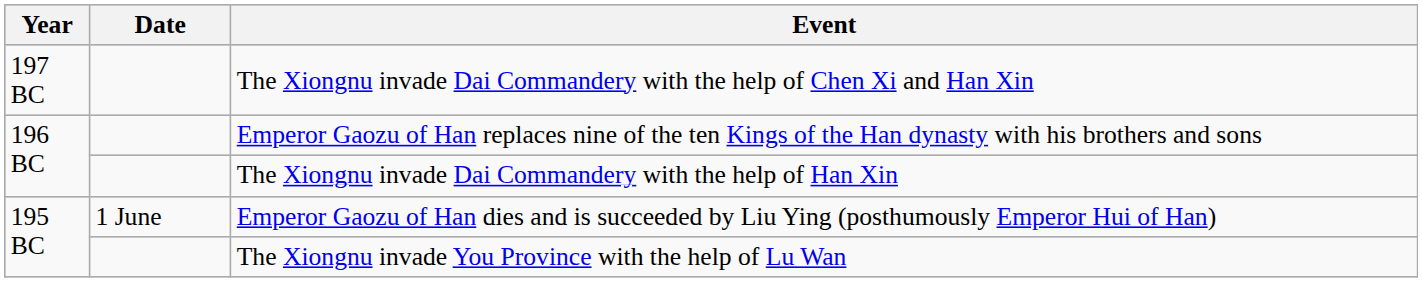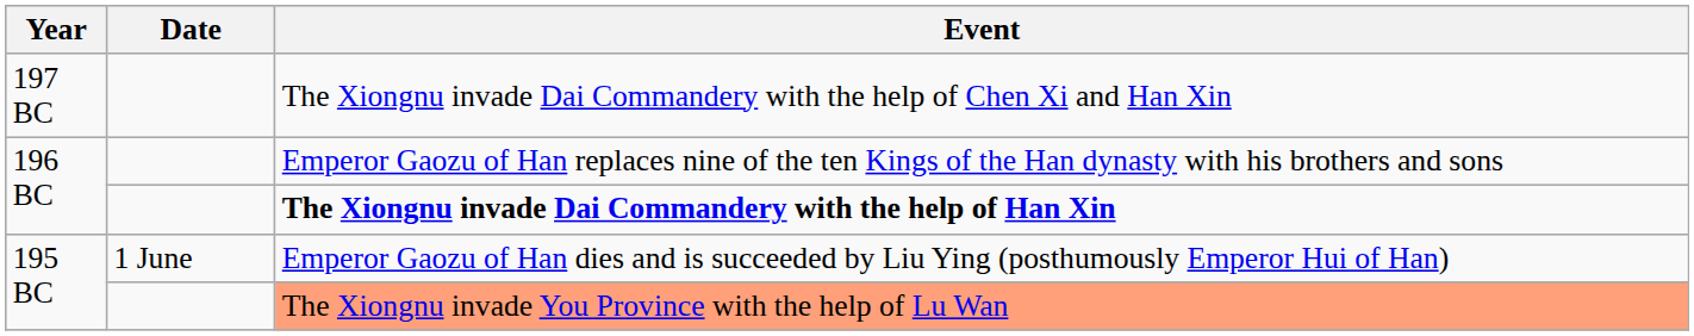 <table class="wikitable" style="width:100%;">
 <tr>
 <th style="width:6%">Year</th>
 <th style="width:10%">Date</th>
 <th>Event</th>
 </tr>
 <tr>
 <td>197 BC</td>
 <td></td>
 <td>The <a href='#'>Xiongnu</a> invade <a href='#'>Dai Commandery</a> with the help of <a href='#'>Chen Xi</a> and <a href='#'>Han Xin</a></td>
 </tr>
 <tr>
 <td rowspan="2" style="vertical-align:top;">196 BC</td>
 <td></td>
 <td><a href='#'>Emperor Gaozu of Han</a> replaces nine of the ten <a href='#'>Kings of the Han dynasty</a> with his brothers and sons</td>
 </tr>
 <tr>
 <td></td>
-<td>The <a href='#'>Xiongnu</a> invade <a href='#'>Dai Commandery</a> with the help of <a href='#'>Han Xin</a></td>
+<td><strong>The <a href='#'>Xiongnu</a> invade <a href='#'>Dai Commandery</a> with the help of <a href='#'>Han Xin</a></strong></td>
 </tr>
 <tr>
 <td rowspan="2" style="vertical-align:top;">195 BC</td>
 <td>1 June</td>
 <td><a href='#'>Emperor Gaozu of Han</a> dies and is succeeded by Liu Ying (posthumously <a href='#'>Emperor Hui of Han</a>)</td>
 </tr>
 <tr>
 <td></td>
-<td>The <a href='#'>Xiongnu</a> invade <a href='#'>You Province</a> with the help of <a href='#'>Lu Wan</a></td>
+<td style="background: lightsalmon;">The <a href='#'>Xiongnu</a> invade <a href='#'>You Province</a> with the help of <a href='#'>Lu Wan</a></td>
 </tr>
 </table>
